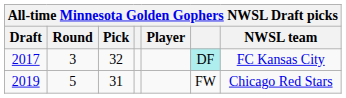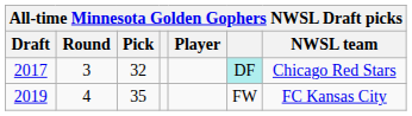 <table class="wikitable sortable" style="text-align: center;">
 <tr>
 <th colspan="7" style="background:#">All-time <a href='#'><span>Minnesota Golden Gophers</span></a> NWSL Draft picks</th>
 </tr>
 <tr>
 <th scope="col">Draft</th>
 <th scope="col">Round</th>
 <th scope="col">Pick</th>
 <th scope="col"></th>
 <th scope="col">Player</th>
 <th scope="col"></th>
 <th scope="col">NWSL team</th>
 </tr>
 <tr>
 <td><a href='#'>2017</a></td>
 <td>3</td>
 <td>32</td>
 <td></td>
 <td></td>
 <td style="background: paleturquoise;">DF</td>
-<td><a href='#'>FC Kansas City</a></td>
+<td><a href='#'>Chicago Red Stars</a></td>
 </tr>
 <tr>
 <td><a href='#'>2019</a></td>
-<td>5</td>
-<td>31</td>
+<td>4</td>
+<td>35</td>
 <td></td>
 <td></td>
 <td>FW</td>
-<td><a href='#'>Chicago Red Stars</a></td>
+<td><a href='#'>FC Kansas City</a></td>
 </tr>
 </table>
